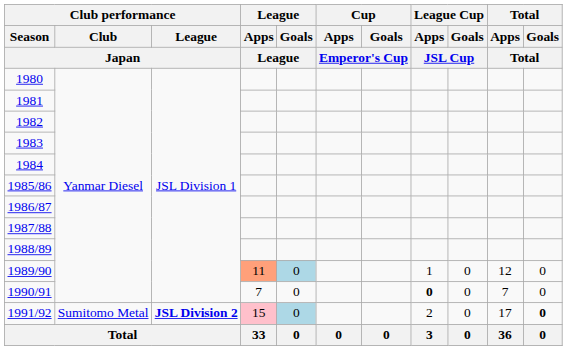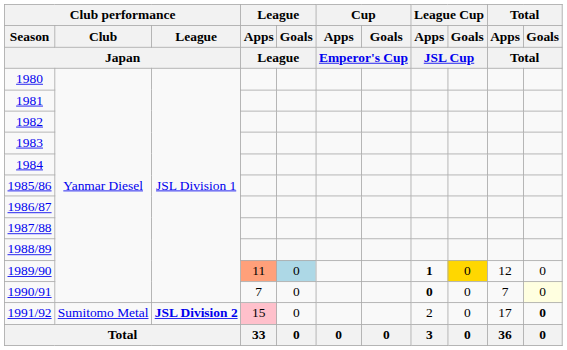 <table class="wikitable" style="text-align:center;">
 <tr>
 <th colspan=3>Club performance</th>
 <th colspan=2>League</th>
 <th colspan=2>Cup</th>
 <th colspan=2>League Cup</th>
 <th colspan=2>Total</th>
 </tr>
 <tr>
 <th>Season</th>
 <th>Club</th>
 <th>League</th>
 <th>Apps</th>
 <th>Goals</th>
 <th>Apps</th>
 <th>Goals</th>
 <th>Apps</th>
 <th>Goals</th>
 <th>Apps</th>
 <th>Goals</th>
 </tr>
 <tr>
 <th colspan=3>Japan</th>
 <th colspan=2>League</th>
 <th colspan=2><a href='#'>Emperor's Cup</a></th>
 <th colspan=2><a href='#'>JSL Cup</a></th>
 <th colspan=2>Total</th>
 </tr>
 <tr>
 <td><a href='#'>1980</a></td>
 <td rowspan="11"><a href='#'>Yanmar Diesel</a></td>
 <td rowspan="11"><a href='#'>JSL Division 1</a></td>
 <td></td>
 <td></td>
 <td></td>
 <td></td>
 <td></td>
 <td></td>
 <td></td>
 <td></td>
 </tr>
 <tr>
 <td><a href='#'>1981</a></td>
 <td></td>
 <td></td>
 <td></td>
 <td></td>
 <td></td>
 <td></td>
 <td></td>
 <td></td>
 </tr>
 <tr>
 <td><a href='#'>1982</a></td>
 <td></td>
 <td></td>
 <td></td>
 <td></td>
 <td></td>
 <td></td>
 <td></td>
 <td></td>
 </tr>
 <tr>
 <td><a href='#'>1983</a></td>
 <td></td>
 <td></td>
 <td></td>
 <td></td>
 <td></td>
 <td></td>
 <td></td>
 <td></td>
 </tr>
 <tr>
 <td><a href='#'>1984</a></td>
 <td></td>
 <td></td>
 <td></td>
 <td></td>
 <td></td>
 <td></td>
 <td></td>
 <td></td>
 </tr>
 <tr>
 <td><a href='#'>1985/86</a></td>
 <td></td>
 <td></td>
 <td></td>
 <td></td>
 <td></td>
 <td></td>
 <td></td>
 <td></td>
 </tr>
 <tr>
 <td><a href='#'>1986/87</a></td>
 <td></td>
 <td></td>
 <td></td>
 <td></td>
 <td></td>
 <td></td>
 <td></td>
 <td></td>
 </tr>
 <tr>
 <td><a href='#'>1987/88</a></td>
 <td></td>
 <td></td>
 <td></td>
 <td></td>
 <td></td>
 <td></td>
 <td></td>
 <td></td>
 </tr>
 <tr>
 <td><a href='#'>1988/89</a></td>
 <td></td>
 <td></td>
 <td></td>
 <td></td>
 <td></td>
 <td></td>
 <td></td>
 <td></td>
 </tr>
 <tr>
 <td><a href='#'>1989/90</a></td>
 <td style="background: lightsalmon;">11</td>
 <td style="background: lightblue;">0</td>
 <td></td>
 <td></td>
-<td>1</td>
-<td>0</td>
+<td><strong>1</strong></td>
+<td style="background: gold;">0</td>
 <td>12</td>
 <td>0</td>
 </tr>
 <tr>
 <td><a href='#'>1990/91</a></td>
 <td>7</td>
 <td>0</td>
 <td></td>
 <td></td>
 <td><strong>0</strong></td>
 <td>0</td>
 <td>7</td>
-<td>0</td>
+<td style="background: lightyellow;">0</td>
 </tr>
 <tr>
 <td><a href='#'>1991/92</a></td>
 <td><a href='#'>Sumitomo Metal</a></td>
 <td><strong><a href='#'>JSL Division 2</a></strong></td>
 <td style="background: pink;">15</td>
-<td style="background: lightblue;">0</td>
+<td>0</td>
 <td></td>
 <td></td>
 <td>2</td>
 <td>0</td>
 <td>17</td>
 <td><strong>0</strong></td>
 </tr>
 <tr>
 <th colspan=3>Total</th>
 <th>33</th>
 <th>0</th>
 <th>0</th>
 <th>0</th>
 <th>3</th>
 <th>0</th>
 <th>36</th>
 <th>0</th>
 </tr>
 </table>
